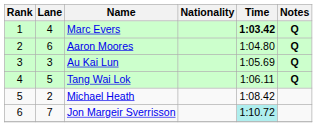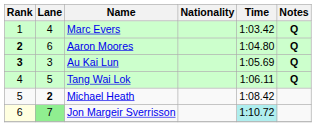 <table class="wikitable">
 <tr>
 <th>Rank</th>
 <th>Lane</th>
 <th>Name</th>
 <th>Nationality</th>
 <th>Time</th>
 <th>Notes</th>
 </tr>
 <tr bgcolor=ccffcc>
 <td align=center>1</td>
 <td align=center>4</td>
 <td><a href='#'>Marc Evers</a></td>
 <td></td>
-<td align=center><strong>1:03.42</strong></td>
+<td align=center>1:03.42</td>
 <td align=center><strong>Q</strong></td>
 </tr>
 <tr bgcolor=ccffcc>
-<td align=center>2</td>
+<td align=center><strong>2</strong></td>
 <td align=center>6</td>
 <td><a href='#'>Aaron Moores</a></td>
 <td></td>
 <td align=center>1:04.80</td>
 <td align=center><strong>Q</strong></td>
 </tr>
 <tr bgcolor=ccffcc>
-<td align=center>3</td>
+<td align=center><strong>3</strong></td>
 <td align=center>3</td>
 <td><a href='#'>Au Kai Lun</a></td>
 <td></td>
 <td align=center>1:05.69</td>
 <td align=center><strong>Q</strong></td>
 </tr>
 <tr bgcolor=ccffcc>
 <td align=center>4</td>
 <td align=center>5</td>
 <td><a href='#'>Tang Wai Lok</a></td>
 <td></td>
 <td align=center>1:06.11</td>
 <td align=center><strong>Q</strong></td>
 </tr>
 <tr>
 <td align=center>5</td>
-<td align=center>2</td>
+<td align=center><strong>2</strong></td>
 <td><a href='#'>Michael Heath</a></td>
 <td></td>
 <td align=center>1:08.42</td>
 <td align=center></td>
 </tr>
 <tr>
-<td align=center>6</td>
-<td align=center>7</td>
+<td align=center style="background: lightyellow;">6</td>
+<td align=center style="background: lightgreen;">7</td>
 <td><a href='#'>Jon Margeir Sverrisson</a></td>
 <td></td>
 <td align=center style="background: paleturquoise;">1:10.72</td>
 <td align=center></td>
 </tr>
 <tr>
 </tr>
 </table>
